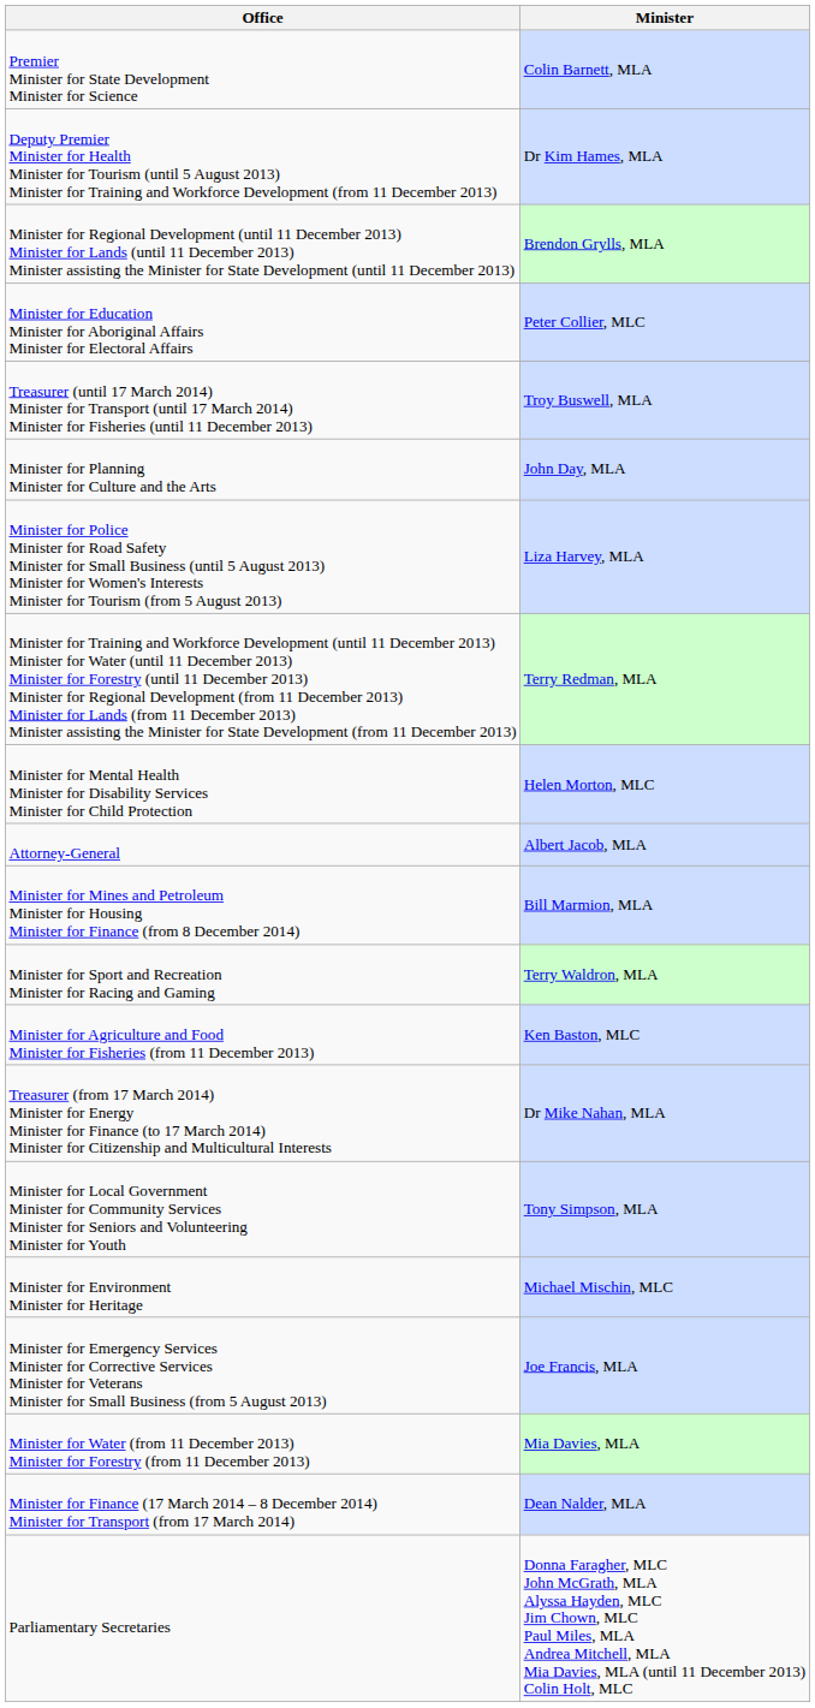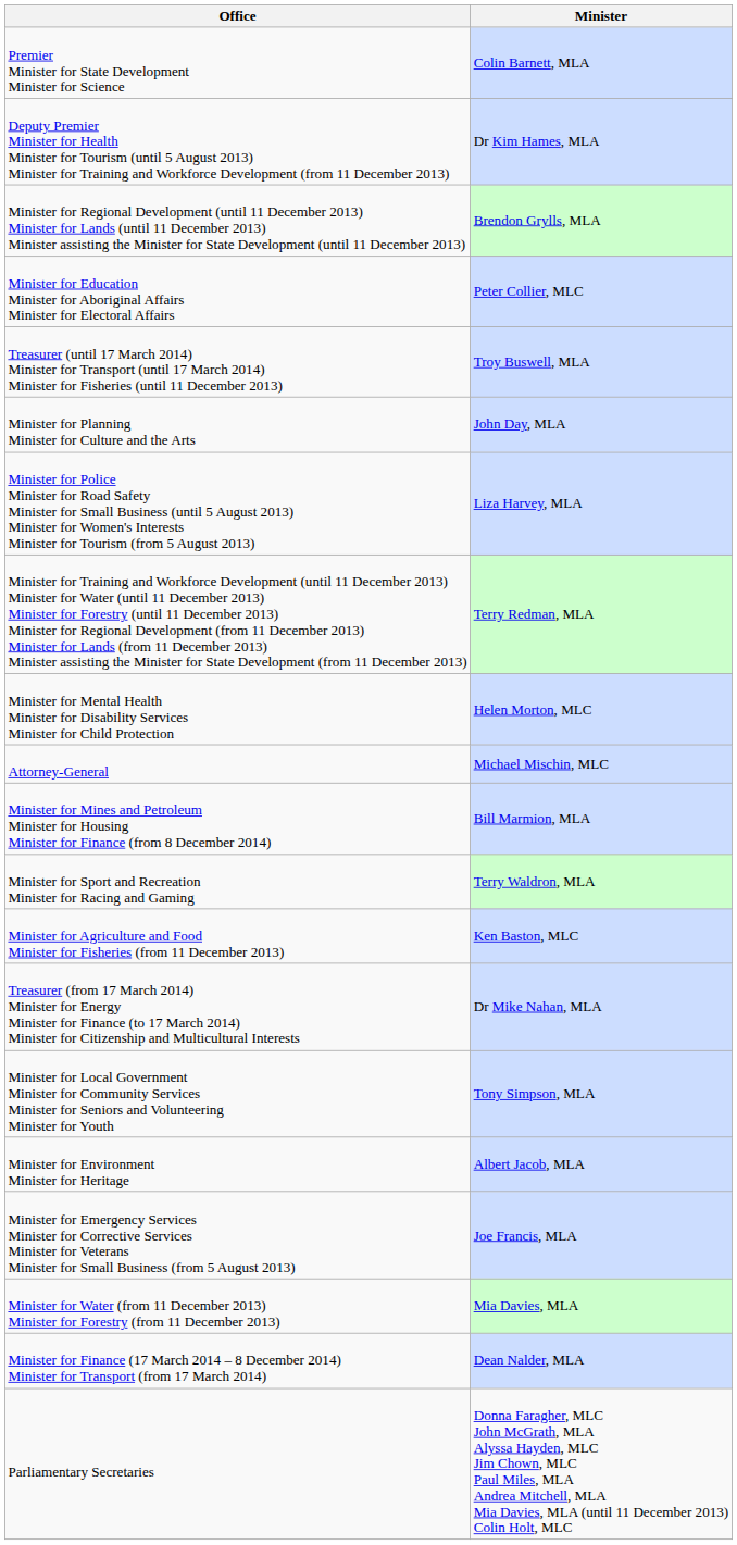 <table class="wikitable sortable">
 <tr>
 <th>Office</th>
 <th>Minister</th>
 </tr>
 <tr>
 <td><br><a href='#'>Premier</a><br> Minister for State Development<br> Minister for Science</td>
 <td style="background:#CCDDFF"><a href='#'>Colin Barnett</a>, MLA</td>
 </tr>
 <tr>
 <td><br><a href='#'>Deputy Premier</a><br> <a href='#'>Minister for Health</a><br> Minister for Tourism (until 5 August 2013)<br> Minister for Training and Workforce Development (from 11 December 2013)</td>
 <td style="background:#CCDDFF">Dr <a href='#'>Kim Hames</a>, MLA</td>
 </tr>
 <tr>
 <td><br>Minister for Regional Development (until 11 December 2013)<br> <a href='#'>Minister for Lands</a> (until 11 December 2013)<br> Minister assisting the Minister for State Development (until 11 December 2013)</td>
 <td style="background:#CCFFCC"><a href='#'>Brendon Grylls</a>, MLA</td>
 </tr>
 <tr>
 <td><br><a href='#'>Minister for Education</a><br> Minister for Aboriginal Affairs<br> Minister for Electoral Affairs</td>
 <td style="background:#CCDDFF"><a href='#'>Peter Collier</a>, MLC</td>
 </tr>
 <tr>
 <td><br><a href='#'>Treasurer</a> (until 17 March 2014)<br> Minister for Transport (until 17 March 2014)<br> Minister for Fisheries (until 11 December 2013)</td>
 <td style="background:#CCDDFF"><a href='#'>Troy Buswell</a>, MLA<br></td>
 </tr>
 <tr>
 <td><br>Minister for Planning<br> Minister for Culture and the Arts</td>
 <td style="background:#CCDDFF"><a href='#'>John Day</a>, MLA</td>
 </tr>
 <tr>
 <td><br><a href='#'>Minister for Police</a><br> Minister for Road Safety<br> Minister for Small Business (until 5 August 2013)<br> Minister for Women's Interests<br> Minister for Tourism (from 5 August 2013)</td>
 <td style="background:#CCDDFF"><a href='#'>Liza Harvey</a>, MLA</td>
 </tr>
 <tr>
 <td><br>Minister for Training and Workforce Development (until 11 December 2013)<br> Minister for Water (until 11 December 2013)<br> <a href='#'>Minister for Forestry</a> (until 11 December 2013)<br> Minister for Regional Development (from 11 December 2013)<br> <a href='#'>Minister for Lands</a> (from 11 December 2013)<br> Minister assisting the Minister for State Development (from 11 December 2013)</td>
 <td style="background:#CCFFCC"><a href='#'>Terry Redman</a>, MLA</td>
 </tr>
 <tr>
 <td><br>Minister for Mental Health<br> Minister for Disability Services<br> Minister for Child Protection</td>
 <td style="background:#CCDDFF"><a href='#'>Helen Morton</a>, MLC</td>
 </tr>
 <tr>
 <td><br><a href='#'>Attorney-General</a></td>
-<td style="background:#CCDDFF"><a href='#'>Albert Jacob</a>, MLA</td>
+<td style="background:#CCDDFF"><a href='#'>Michael Mischin</a>, MLC</td>
 </tr>
 <tr>
 <td><br><a href='#'>Minister for Mines and Petroleum</a><br> Minister for Housing<br> <a href='#'>Minister for Finance</a> (from 8 December 2014)</td>
 <td style="background:#CCDDFF"><a href='#'>Bill Marmion</a>, MLA</td>
 </tr>
 <tr>
 <td><br>Minister for Sport and Recreation<br> Minister for Racing and Gaming</td>
 <td style="background:#CCFFCC"><a href='#'>Terry Waldron</a>, MLA</td>
 </tr>
 <tr>
 <td><br><a href='#'>Minister for Agriculture and Food</a><br> <a href='#'>Minister for Fisheries</a> (from 11 December 2013)</td>
 <td style="background:#CCDDFF"><a href='#'>Ken Baston</a>, MLC</td>
 </tr>
 <tr>
 <td><br><a href='#'>Treasurer</a> (from 17 March 2014)<br> Minister for Energy<br> Minister for Finance (to 17 March 2014)<br> Minister for Citizenship and Multicultural Interests</td>
 <td style="background:#CCDDFF">Dr <a href='#'>Mike Nahan</a>, MLA</td>
 </tr>
 <tr>
 <td><br>Minister for Local Government<br> Minister for Community Services<br> Minister for Seniors and Volunteering<br> Minister for Youth</td>
 <td style="background:#CCDDFF"><a href='#'>Tony Simpson</a>, MLA</td>
 </tr>
 <tr>
 <td><br>Minister for Environment<br> Minister for Heritage<br></td>
-<td style="background:#CCDDFF"><a href='#'>Michael Mischin</a>, MLC</td>
+<td style="background:#CCDDFF"><a href='#'>Albert Jacob</a>, MLA</td>
 </tr>
 <tr>
 <td><br>Minister for Emergency Services<br> Minister for Corrective Services<br> Minister for Veterans<br> Minister for Small Business (from 5 August 2013)</td>
 <td style="background:#CCDDFF"><a href='#'>Joe Francis</a>, MLA</td>
 </tr>
 <tr>
 <td><br><a href='#'>Minister for Water</a> (from 11 December 2013)<br> <a href='#'>Minister for Forestry</a> (from 11 December 2013)</td>
 <td style="background:#CCFFCC"><a href='#'>Mia Davies</a>, MLA</td>
 </tr>
 <tr>
 <td><br><a href='#'>Minister for Finance</a> (17 March 2014 – 8 December 2014)<br> <a href='#'>Minister for Transport</a> (from 17 March 2014)</td>
 <td style="background:#CCDDFF"><a href='#'>Dean Nalder</a>, MLA</td>
 </tr>
 <tr>
 <td><br>Parliamentary Secretaries</td>
 <td><br><span><a href='#'>Donna Faragher</a>, MLC<br> <a href='#'>John McGrath</a>, MLA<br> <a href='#'>Alyssa Hayden</a>, MLC<br> <a href='#'>Jim Chown</a>, MLC<br> <a href='#'>Paul Miles</a>, MLA<br> <a href='#'>Andrea Mitchell</a>, MLA</span><br> <span><a href='#'>Mia Davies</a>, MLA (until 11 December 2013)<br> <a href='#'>Colin Holt</a>, MLC </span></td>
 </tr>
 </table>
